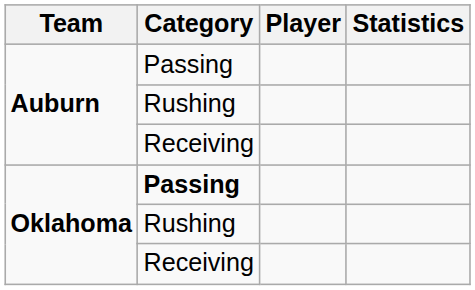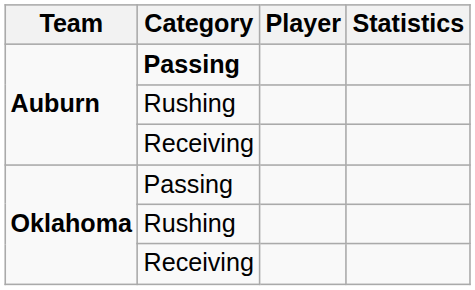 <table class="wikitable" style="float: right;">
 <tr>
 <th>Team</th>
 <th>Category</th>
 <th>Player</th>
 <th>Statistics</th>
 </tr>
 <tr>
 <td rowspan=3><strong>Auburn</strong></td>
-<td>Passing</td>
+<td><strong>Passing</strong></td>
 <td></td>
 <td></td>
 </tr>
 <tr>
 <td>Rushing</td>
 <td></td>
 <td></td>
 </tr>
 <tr>
 <td>Receiving</td>
 <td></td>
 <td></td>
 </tr>
 <tr>
 <td rowspan=3><strong>Oklahoma</strong></td>
-<td><strong>Passing</strong></td>
+<td>Passing</td>
 <td></td>
 <td></td>
 </tr>
 <tr>
 <td>Rushing</td>
 <td></td>
 <td></td>
 </tr>
 <tr>
 <td>Receiving</td>
 <td></td>
 <td></td>
 </tr>
 </table>
